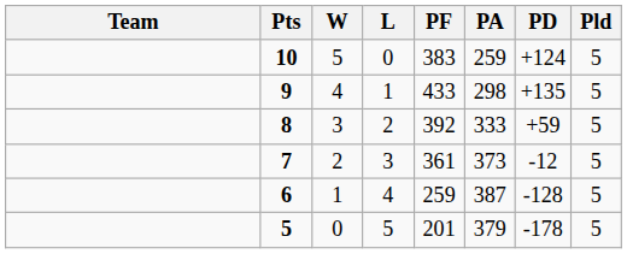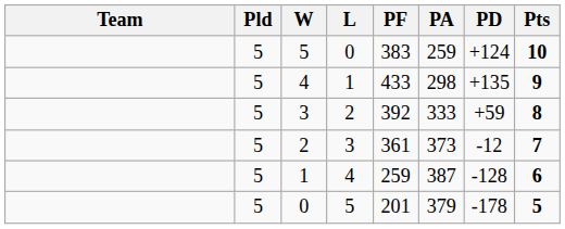 <table class=wikitable style="text-align:center">
 <tr>
 <th width=180>Team</th>
-<th width=30>Pts</th>
+<th width=30>Pld</th>
 <th width=30>W</th>
 <th width=30>L</th>
 <th width=30>PF</th>
 <th width=30>PA</th>
 <th width=30>PD</th>
-<th width=30>Pld</th>
+<th width=30>Pts</th>
 </tr>
 <tr align=center bgcolor=>
 <td align=left></td>
-<td><strong>10</strong></td>
+<td>5</td>
 <td>5</td>
 <td>0</td>
 <td>383</td>
 <td>259</td>
 <td>+124</td>
-<td>5</td>
+<td><strong>10</strong></td>
 </tr>
 <tr align=center bgcolor=>
 <td align=left></td>
-<td><strong>9</strong></td>
+<td>5</td>
 <td>4</td>
 <td>1</td>
 <td>433</td>
 <td>298</td>
 <td>+135</td>
-<td>5</td>
+<td><strong>9</strong></td>
 </tr>
 <tr align=center bgcolor=>
 <td align=left></td>
-<td><strong>8</strong></td>
+<td>5</td>
 <td>3</td>
 <td>2</td>
 <td>392</td>
 <td>333</td>
 <td>+59</td>
-<td>5</td>
+<td><strong>8</strong></td>
 </tr>
 <tr align=center bgcolor=>
 <td align=left></td>
-<td><strong>7</strong></td>
+<td>5</td>
 <td>2</td>
 <td>3</td>
 <td>361</td>
 <td>373</td>
 <td>-12</td>
-<td>5</td>
+<td><strong>7</strong></td>
 </tr>
 <tr align=center bgcolor=>
 <td align=left></td>
-<td><strong>6</strong></td>
+<td>5</td>
 <td>1</td>
 <td>4</td>
 <td>259</td>
 <td>387</td>
 <td>-128</td>
-<td>5</td>
+<td><strong>6</strong></td>
 </tr>
 <tr align=center bgcolor=>
 <td align=left></td>
-<td><strong>5</strong></td>
+<td>5</td>
 <td>0</td>
 <td>5</td>
 <td>201</td>
 <td>379</td>
 <td>-178</td>
-<td>5</td>
+<td><strong>5</strong></td>
 </tr>
 </table>
